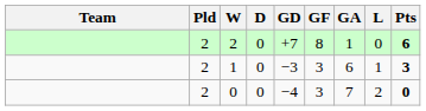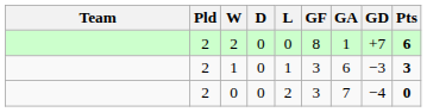 <table class="wikitable" style="text-align:center;">
 <tr>
 <th width=180>Team</th>
 <th width=20>Pld</th>
 <th width=20>W</th>
 <th width=20>D</th>
-<th width=20>GD</th>
+<th width=20>L</th>
 <th width=20>GF</th>
 <th width=20>GA</th>
-<th width=20>L</th>
+<th width=20>GD</th>
 <th width=20>Pts </th>
 </tr>
 <tr align=center bgcolor="ccffcc">
 <td style="text-align:left;"></td>
 <td>2</td>
 <td>2</td>
 <td>0</td>
-<td>+7</td>
+<td>0</td>
 <td>8</td>
 <td>1</td>
-<td>0</td>
+<td>+7</td>
 <td><strong>6</strong></td>
 </tr>
 <tr align=center>
 <td style="text-align:left;"></td>
 <td>2</td>
 <td>1</td>
 <td>0</td>
-<td>−3</td>
+<td>1</td>
 <td>3</td>
 <td>6</td>
-<td>1</td>
+<td>−3</td>
 <td><strong>3</strong></td>
 </tr>
 <tr align=center>
 <td style="text-align:left;"></td>
 <td>2</td>
 <td>0</td>
 <td>0</td>
-<td>−4</td>
+<td>2</td>
 <td>3</td>
 <td>7</td>
-<td>2</td>
+<td>−4</td>
 <td><strong>0</strong></td>
 </tr>
 </table>
